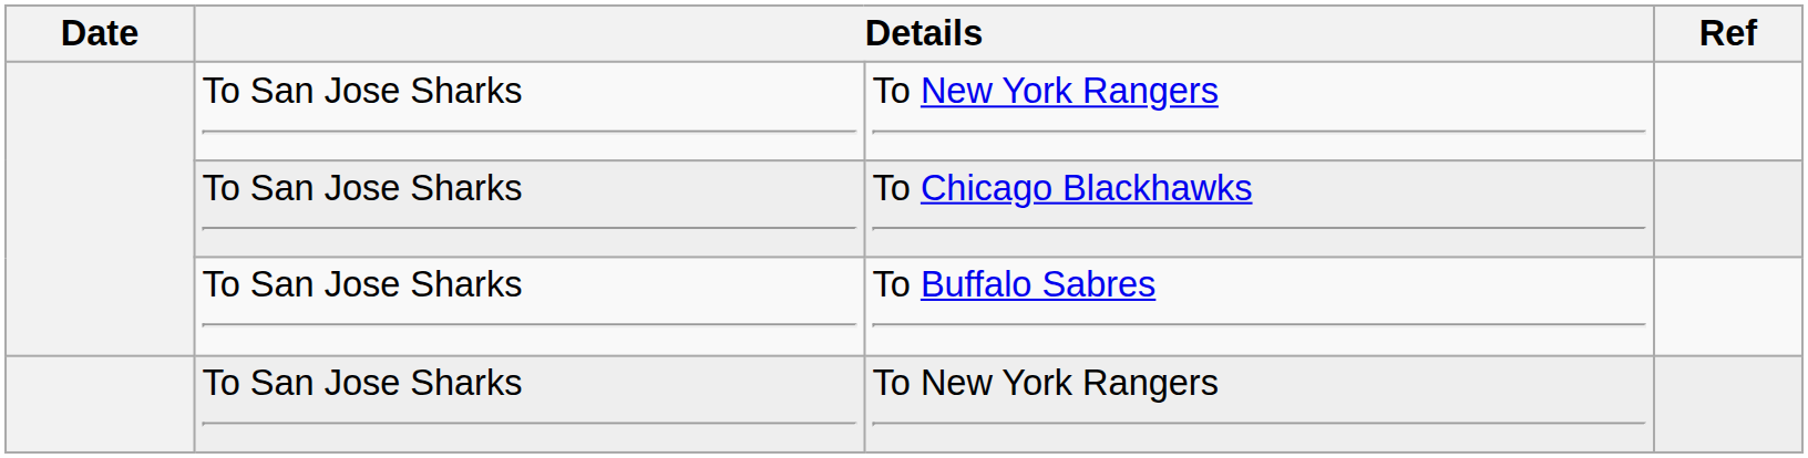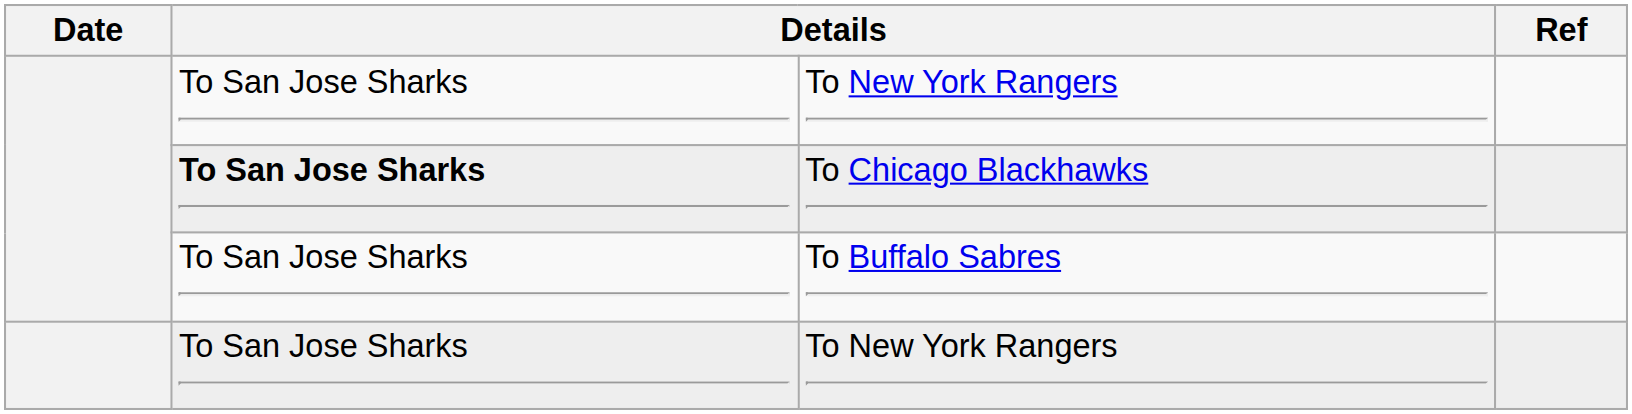 <table class="wikitable plainrowheaders" style="width: 50em;">
 <tr>
 <th scope="col">Date</th>
 <th scope="col" colspan="2">Details</th>
 <th scope="col">Ref</th>
 </tr>
 <tr>
 <th scope="row" rowspan=3></th>
 <td valign="top">To San Jose Sharks <hr></td>
 <td valign="top">To <a href='#'>New York Rangers</a> <hr></td>
 <td></td>
 </tr>
 <tr bgcolor="#eeeeee">
-<td valign="top">To San Jose Sharks <hr></td>
+<td valign="top"><strong>To San Jose Sharks <hr></strong></td>
 <td valign="top">To <a href='#'>Chicago Blackhawks</a> <hr></td>
 <td></td>
 </tr>
 <tr>
 <td valign="top">To San Jose Sharks <hr></td>
 <td valign="top">To <a href='#'>Buffalo Sabres</a> <hr></td>
 <td></td>
 </tr>
 <tr bgcolor="#eeeeee">
 <th scope="row"></th>
 <td valign="top">To San Jose Sharks <hr></td>
 <td valign="top">To New York Rangers <hr></td>
 <td></td>
 </tr>
 </table>
